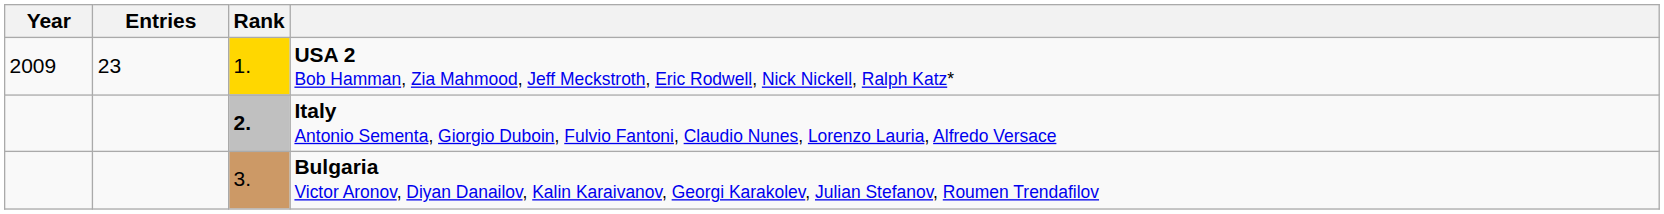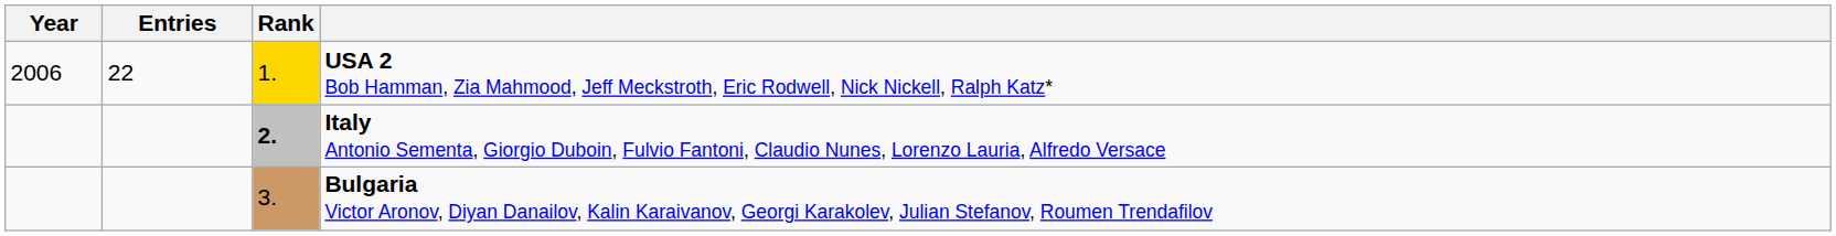 <table class="wikitable" style="width:100%;">
 <tr>
 <th>Year</th>
 <th>Entries</th>
 <th>Rank</th>
 <th></th>
 </tr>
 <tr>
-<td width=60>2009</td>
-<td>23</td>
+<td width=60>2006</td>
+<td>22</td>
 <td style="background:gold; width:30px;">1.</td>
 <td> <strong>USA 2</strong> <br><small><a href='#'>Bob Hamman</a>, <a href='#'>Zia Mahmood</a>, <a href='#'>Jeff Meckstroth</a>, <a href='#'>Eric Rodwell</a>, <a href='#'>Nick Nickell</a>, <a href='#'>Ralph Katz</a>*</small></td>
 </tr>
 <tr>
 <td></td>
 <td></td>
 <td style="background:silver;"><strong>2.</strong></td>
 <td> <strong>Italy</strong> <br><small><a href='#'>Antonio Sementa</a>, <a href='#'>Giorgio Duboin</a>, <a href='#'>Fulvio Fantoni</a>, <a href='#'>Claudio Nunes</a>, <a href='#'>Lorenzo Lauria</a>, <a href='#'>Alfredo Versace</a></small></td>
 </tr>
 <tr>
 <td></td>
 <td></td>
 <td style="background:#c96;">3.</td>
 <td> <strong>Bulgaria</strong> <br><small><a href='#'>Victor Aronov</a>, <a href='#'>Diyan Danailov</a>, <a href='#'>Kalin Karaivanov</a>, <a href='#'>Georgi Karakolev</a>, <a href='#'>Julian Stefanov</a>, <a href='#'>Roumen Trendafilov</a></small></td>
 </tr>
 </table>
